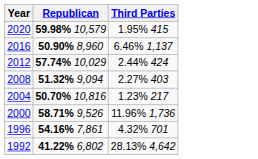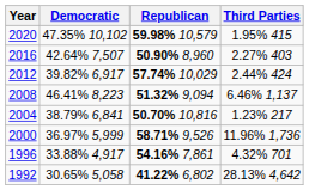 <table class="wikitable"  style="display: inline-table; margin:1em; font-size:95%;">
 <tr style="background:lightgrey;">
 <th>Year</th>
+<th><a href='#'>Democratic</a></th>
 <th><a href='#'>Republican</a></th>
 <th><a href='#'>Third Parties</a></th>
 </tr>
 <tr>
 <td align="center" ><a href='#'>2020</a></td>
+<td align="center" >47.35% <em>10,102</em></td>
 <td align="center" ><strong>59.98%</strong> <em>10,579</em></td>
 <td align="center" >1.95% <em>415</em></td>
 </tr>
 <tr>
 <td align="center" ><a href='#'>2016</a></td>
+<td align="center" >42.64% <em>7,507</em></td>
 <td align="center" ><strong>50.90%</strong> <em>8,960</em></td>
-<td align="center" >6.46% <em>1,137</em></td>
+<td align="center" >2.27% <em>403</em></td>
 </tr>
 <tr>
 <td align="center" ><a href='#'>2012</a></td>
+<td align="center" >39.82% <em>6,917</em></td>
 <td align="center" ><strong>57.74%</strong> <em>10,029</em></td>
 <td align="center" >2.44% <em>424</em></td>
 </tr>
 <tr>
 <td align="center" ><a href='#'>2008</a></td>
+<td align="center" >46.41% <em>8,223</em></td>
 <td align="center" ><strong>51.32%</strong> <em>9,094</em></td>
-<td align="center" >2.27% <em>403</em></td>
+<td align="center" >6.46% <em>1,137</em></td>
 </tr>
 <tr>
 <td align="center" ><a href='#'>2004</a></td>
+<td align="center" >38.79% <em>6,841</em></td>
 <td align="center" ><strong>50.70%</strong> <em>10,816</em></td>
 <td align="center" >1.23% <em>217</em></td>
 </tr>
 <tr>
 <td align="center" ><a href='#'>2000</a></td>
+<td align="center" >36.97% <em>5,999</em></td>
 <td align="center" ><strong>58.71%</strong> <em>9,526</em></td>
 <td align="center" >11.96% <em>1,736</em></td>
 </tr>
 <tr>
 <td align="center" ><a href='#'>1996</a></td>
+<td align="center" >33.88% <em>4,917</em></td>
 <td align="center" ><strong>54.16%</strong> <em>7,861</em></td>
 <td align="center" >4.32% <em>701</em></td>
 </tr>
 <tr>
 <td align="center" ><a href='#'>1992</a></td>
+<td align="center" >30.65% <em>5,058</em></td>
 <td align="center" ><strong>41.22%</strong> <em>6,802</em></td>
 <td align="center" >28.13% <em>4,642</em></td>
 </tr>
 </table>
